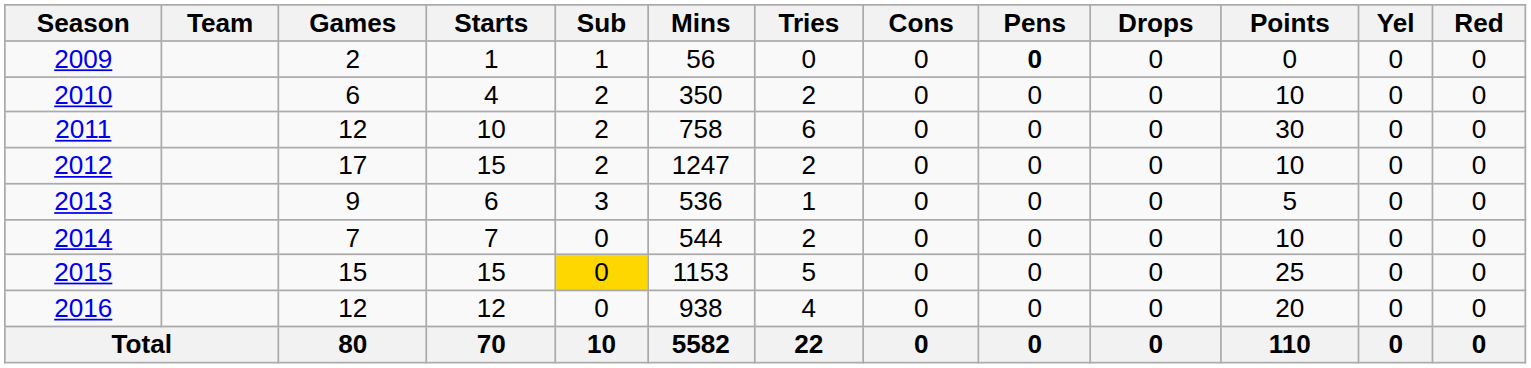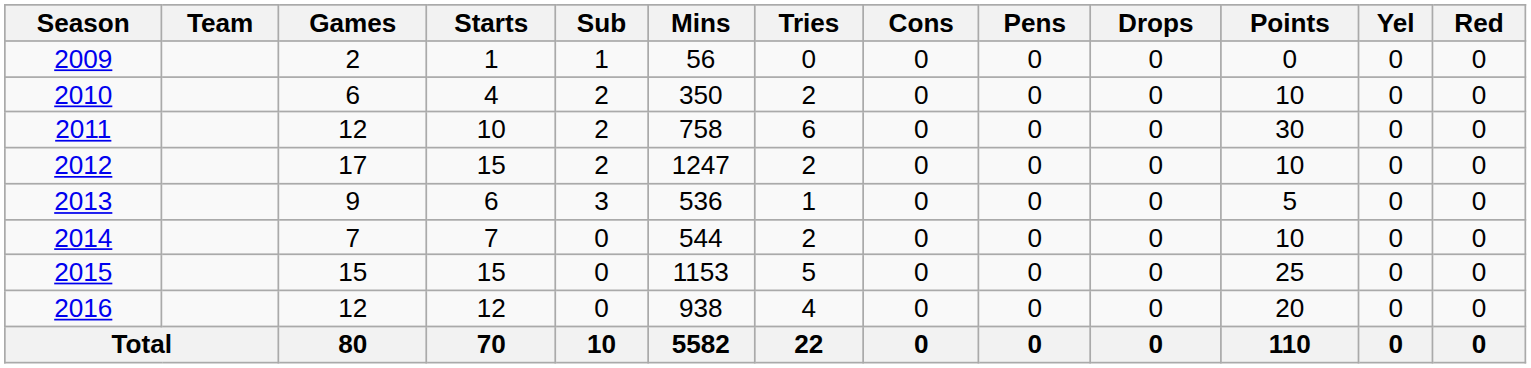 <table class="wikitable" style="text-align:center; line-height:90%; font-size:95%; width:70%;">
 <tr>
 <th>Season</th>
 <th>Team</th>
 <th>Games</th>
 <th>Starts</th>
 <th>Sub</th>
 <th>Mins</th>
 <th>Tries</th>
 <th>Cons</th>
 <th>Pens</th>
 <th>Drops</th>
 <th>Points</th>
 <th>Yel</th>
 <th>Red</th>
 </tr>
 <tr>
 <td><a href='#'>2009</a></td>
 <td></td>
 <td>2</td>
 <td>1</td>
 <td>1</td>
 <td>56</td>
 <td>0</td>
 <td>0</td>
-<td><strong>0</strong></td>
+<td>0</td>
 <td>0</td>
 <td>0</td>
 <td>0</td>
 <td>0</td>
 </tr>
 <tr>
 <td><a href='#'>2010</a></td>
 <td></td>
 <td>6</td>
 <td>4</td>
 <td>2</td>
 <td>350</td>
 <td>2</td>
 <td>0</td>
 <td>0</td>
 <td>0</td>
 <td>10</td>
 <td>0</td>
 <td>0</td>
 </tr>
 <tr>
 <td><a href='#'>2011</a></td>
 <td></td>
 <td>12</td>
 <td>10</td>
 <td>2</td>
 <td>758</td>
 <td>6</td>
 <td>0</td>
 <td>0</td>
 <td>0</td>
 <td>30</td>
 <td>0</td>
 <td>0</td>
 </tr>
 <tr>
 <td><a href='#'>2012</a></td>
 <td></td>
 <td>17</td>
 <td>15</td>
 <td>2</td>
 <td>1247</td>
 <td>2</td>
 <td>0</td>
 <td>0</td>
 <td>0</td>
 <td>10</td>
 <td>0</td>
 <td>0</td>
 </tr>
 <tr>
 <td><a href='#'>2013</a></td>
 <td></td>
 <td>9</td>
 <td>6</td>
 <td>3</td>
 <td>536</td>
 <td>1</td>
 <td>0</td>
 <td>0</td>
 <td>0</td>
 <td>5</td>
 <td>0</td>
 <td>0</td>
 </tr>
 <tr>
 <td><a href='#'>2014</a></td>
 <td></td>
 <td>7</td>
 <td>7</td>
 <td>0</td>
 <td>544</td>
 <td>2</td>
 <td>0</td>
 <td>0</td>
 <td>0</td>
 <td>10</td>
 <td>0</td>
 <td>0</td>
 </tr>
 <tr>
 <td><a href='#'>2015</a></td>
 <td></td>
 <td>15</td>
 <td>15</td>
-<td style="background: gold;">0</td>
+<td>0</td>
 <td>1153</td>
 <td>5</td>
 <td>0</td>
 <td>0</td>
 <td>0</td>
 <td>25</td>
 <td>0</td>
 <td>0</td>
 </tr>
 <tr>
 <td><a href='#'>2016</a></td>
 <td></td>
 <td>12</td>
 <td>12</td>
 <td>0</td>
 <td>938</td>
 <td>4</td>
 <td>0</td>
 <td>0</td>
 <td>0</td>
 <td>20</td>
 <td>0</td>
 <td>0</td>
 </tr>
 <tr>
 <th colspan="2">Total</th>
 <th>80</th>
 <th>70</th>
 <th>10</th>
 <th>5582</th>
 <th>22</th>
 <th>0</th>
 <th>0</th>
 <th>0</th>
 <th>110</th>
 <th>0</th>
 <th>0</th>
 </tr>
 </table>
